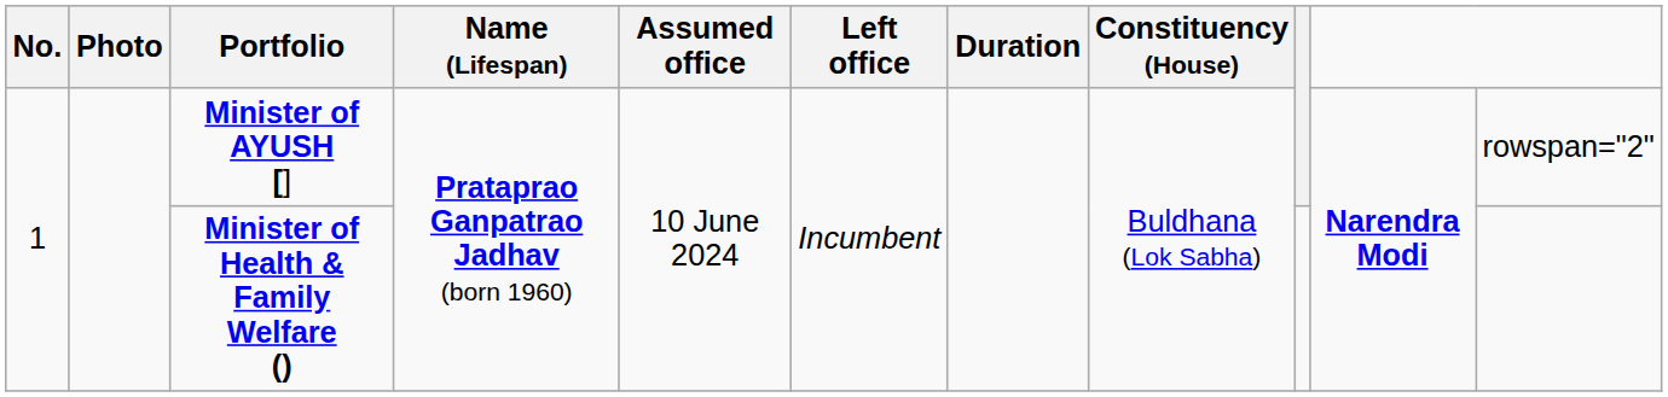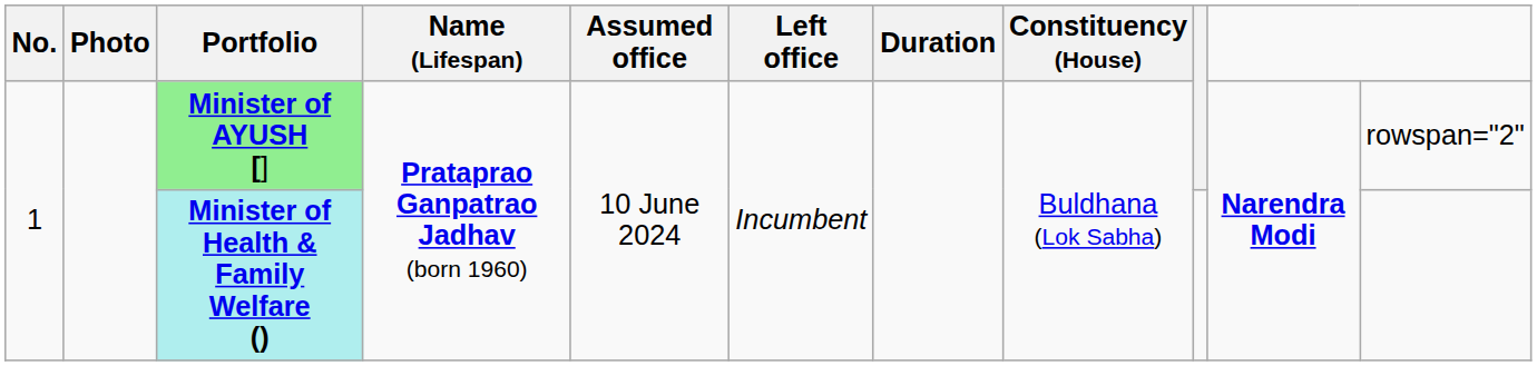 <table class="wikitable sortable" style="text-align:center;">
 <tr>
 <th Style="background-color:">No.</th>
 <th Style="background-color:">Photo</th>
 <th Style="background-color:">Portfolio</th>
 <th Style="background-color:">Name<br><small>(Lifespan)</small></th>
 <th Style="background-color:">Assumed office</th>
 <th Style="background-color:">Left office</th>
 <th Style="background-color:">Duration</th>
 <th Style="background-color:">Constituency<br><small>(House)</small></th>
 <th rowspan=2 colspan=2 Style="background-color:"><a href='#'></a></th>
 </tr>
 <tr>
 <td rowspan="2">1</td>
 <td rowspan="2"></td>
-<td><strong><a href='#'>Minister of AYUSH</a></strong><br><strong>[</strong>]</td>
+<td style="background: lightgreen;"><strong><a href='#'>Minister of AYUSH</a></strong><br><strong>[</strong>]</td>
 <td rowspan="2"><strong><a href='#'>Prataprao Ganpatrao Jadhav</a></strong><br><small>(born 1960)</small></td>
 <td rowspan="2">10 June<br>2024</td>
 <td rowspan="2"><em>Incumbent</em></td>
 <td rowspan="2"></td>
 <td rowspan="2"><a href='#'>Buldhana</a><br><small>(<a href='#'>Lok Sabha</a>)</small></td>
 <td rowspan="2"><strong><a href='#'>Narendra Modi</a></strong></td>
 <td>rowspan="2" </td>
 </tr>
 <tr>
-<td><strong><a href='#'>Minister of Health & Family Welfare</a></strong><br><strong>()</strong></td>
+<td style="background: paleturquoise;"><strong><a href='#'>Minister of Health & Family Welfare</a></strong><br><strong>()</strong></td>
 </tr>
 </table>
